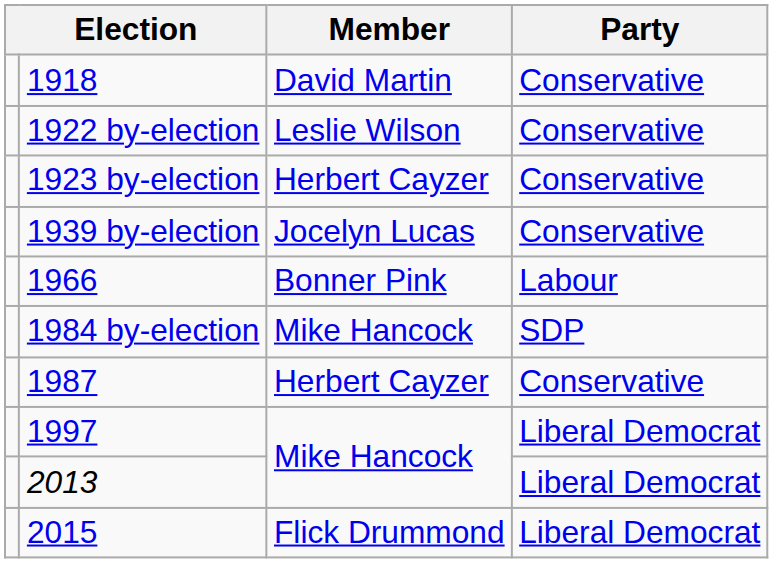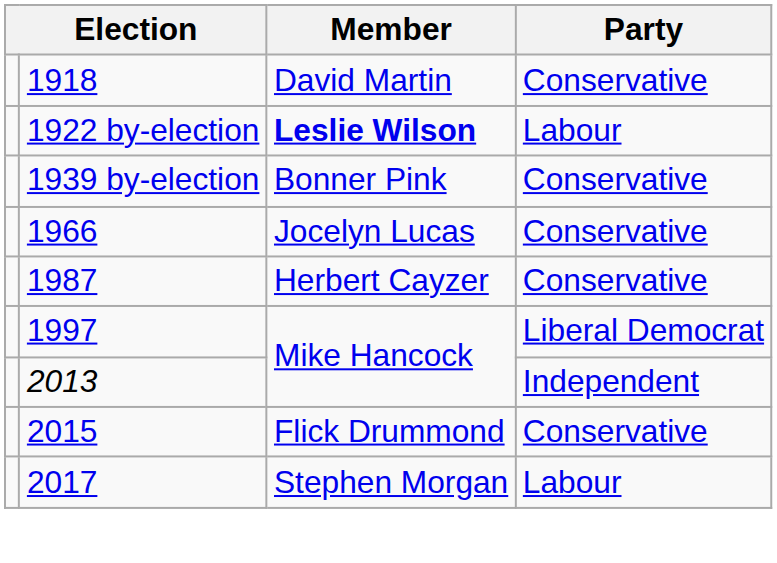 <table class="wikitable">
 <tr>
 <th colspan="2">Election</th>
 <th>Member</th>
 <th>Party</th>
 </tr>
 <tr>
 <td style="color:inherit;background-color: "></td>
 <td><a href='#'>1918</a></td>
 <td><a href='#'>David Martin</a></td>
 <td><a href='#'>Conservative</a></td>
 </tr>
 <tr>
 <td style="color:inherit;background-color: "></td>
 <td><a href='#'>1922 by-election</a></td>
-<td><a href='#'>Leslie Wilson</a></td>
-<td><a href='#'>Conservative</a></td>
-</tr>
-<tr>
-<td style="color:inherit;background-color: "></td>
-<td><a href='#'>1923 by-election</a></td>
-<td><a href='#'>Herbert Cayzer</a></td>
-<td><a href='#'>Conservative</a></td>
+<td><strong><a href='#'>Leslie Wilson</a></strong></td>
+<td><a href='#'>Labour</a></td>
 </tr>
 <tr>
 <td style="color:inherit;background-color: "></td>
 <td><a href='#'>1939 by-election</a></td>
-<td><a href='#'>Jocelyn Lucas</a></td>
+<td><a href='#'>Bonner Pink</a></td>
 <td><a href='#'>Conservative</a></td>
 </tr>
 <tr>
 <td style="color:inherit;background-color: "></td>
 <td><a href='#'>1966</a></td>
-<td><a href='#'>Bonner Pink</a></td>
-<td><a href='#'>Labour</a></td>
-</tr>
-<tr>
-<td style="color:inherit;background-color: "></td>
-<td><a href='#'>1984 by-election</a></td>
-<td><a href='#'>Mike Hancock</a></td>
-<td><a href='#'>SDP</a></td>
+<td><a href='#'>Jocelyn Lucas</a></td>
+<td><a href='#'>Conservative</a></td>
 </tr>
 <tr>
 <td style="color:inherit;background-color: "></td>
 <td><a href='#'>1987</a></td>
 <td><a href='#'>Herbert Cayzer</a></td>
 <td><a href='#'>Conservative</a></td>
 </tr>
 <tr>
 <td style="color:inherit;background-color: "></td>
 <td><a href='#'>1997</a></td>
 <td rowspan=2><a href='#'>Mike Hancock</a></td>
 <td><a href='#'>Liberal Democrat</a></td>
 </tr>
 <tr>
 <td style="color:inherit;background-color: "></td>
 <td><em>2013</em></td>
-<td><a href='#'>Liberal Democrat</a></td>
+<td><a href='#'>Independent</a></td>
 </tr>
 <tr>
 <td style="color:inherit;background-color: "></td>
 <td><a href='#'>2015</a></td>
 <td><a href='#'>Flick Drummond</a></td>
-<td><a href='#'>Liberal Democrat</a></td>
+<td><a href='#'>Conservative</a></td>
+</tr>
+<tr>
+<td style="color:inherit;background-color: "></td>
+<td><a href='#'>2017</a></td>
+<td><a href='#'>Stephen Morgan</a></td>
+<td><a href='#'>Labour</a></td>
 </tr>
 </table>
